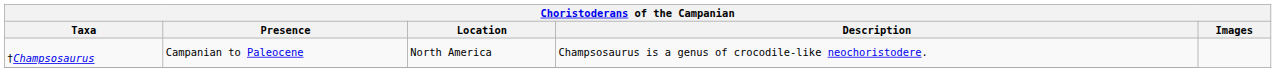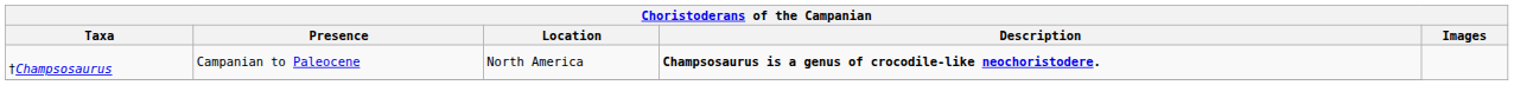 <table class="wikitable" align="center" width="100%">
 <tr>
 <th colspan="5" align="center"><a href='#'>Choristoderans</a> of the Campanian</th>
 </tr>
 <tr>
 <th>Taxa</th>
 <th>Presence</th>
 <th>Location</th>
 <th>Description</th>
 <th>Images</th>
 </tr>
 <tr>
 <td><br>†<em><a href='#'>Champsosaurus</a></em></td>
 <td>Campanian to <a href='#'>Paleocene</a></td>
 <td>North America</td>
-<td>Champsosaurus is a genus of crocodile-like <a href='#'>neochoristodere</a>.</td>
+<td><strong>Champsosaurus is a genus of crocodile-like <a href='#'>neochoristodere</a>.</strong></td>
 <td rowspan="99"></td>
 </tr>
 <tr>
 </tr>
 </table>
